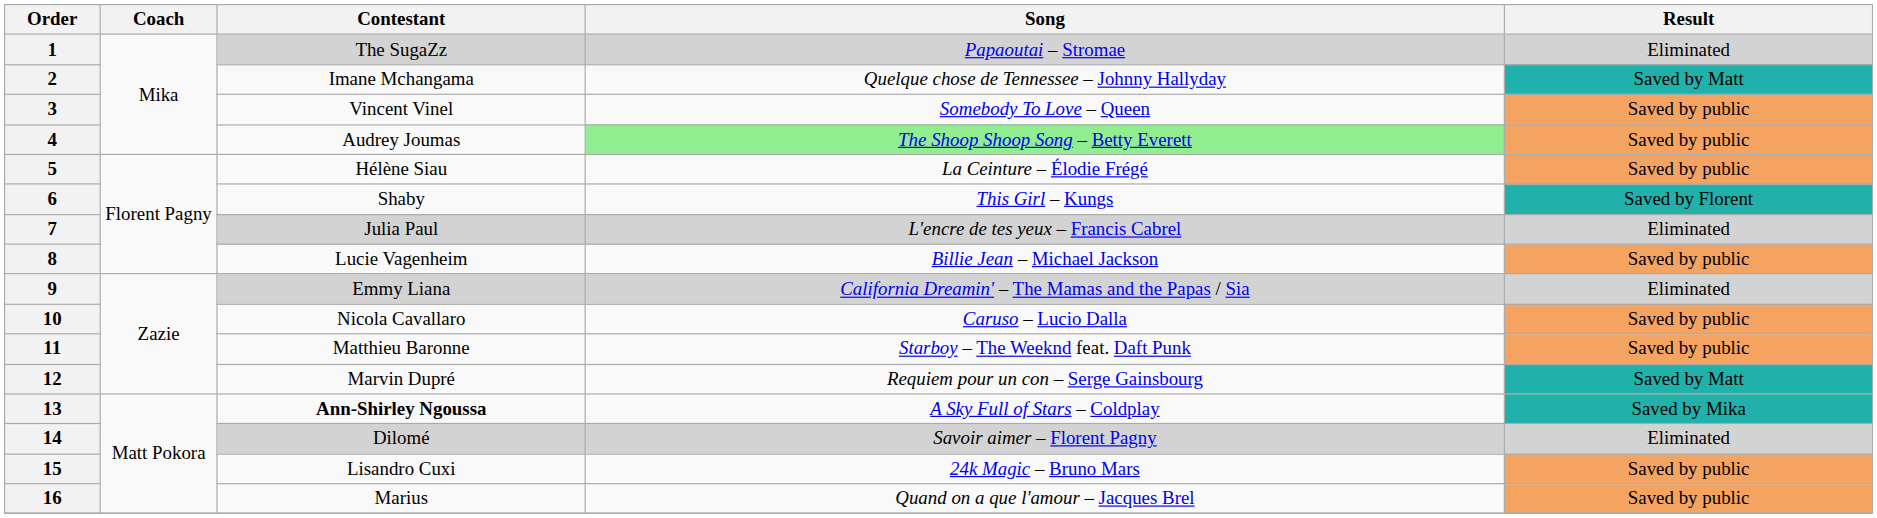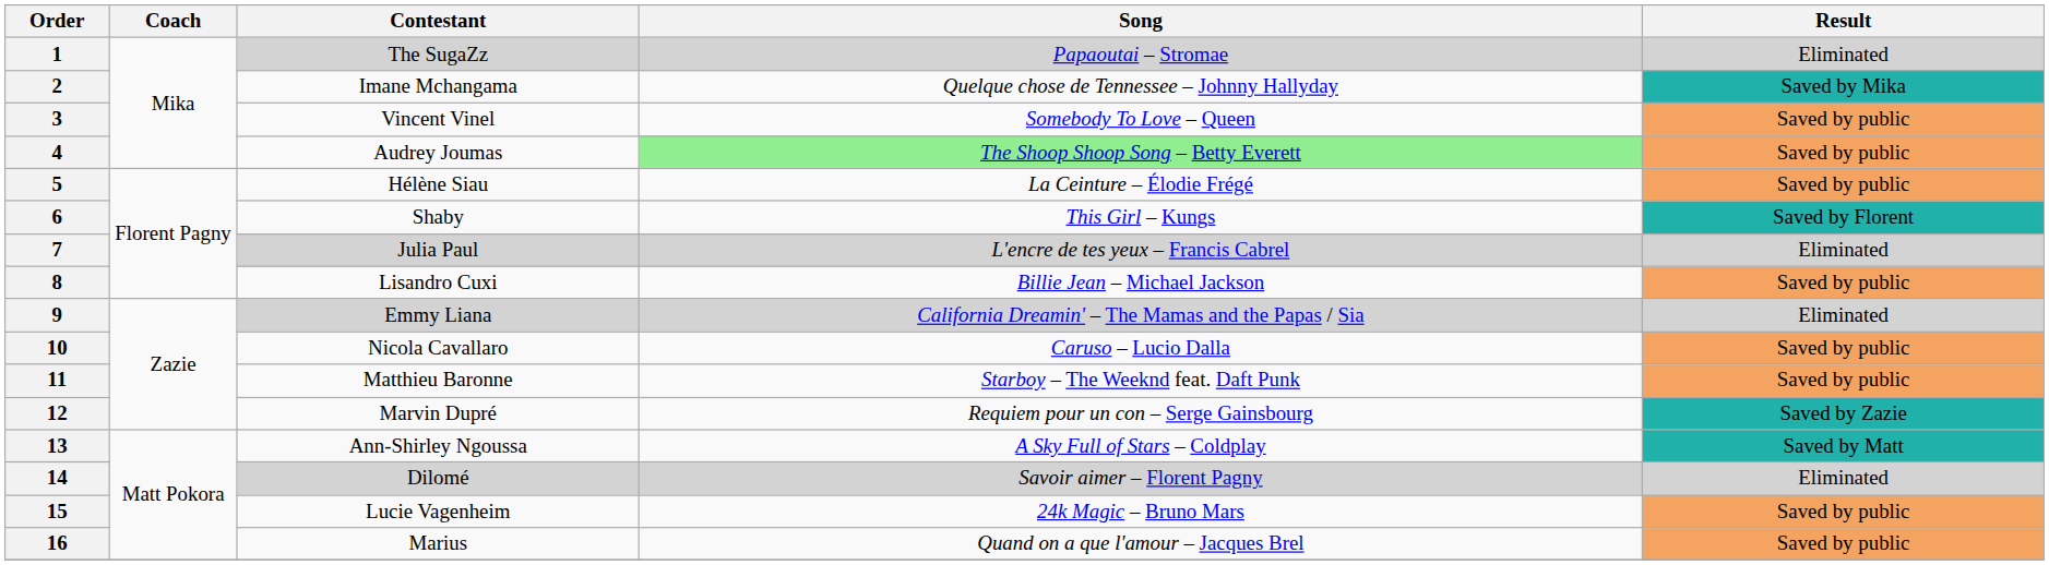 <table class="wikitable" style="text-align:center; width:100%;">
 <tr>
 <th scope="col" style="width:02%;">Order</th>
 <th scope="col" style="width:03%;">Coach</th>
 <th scope="col" style="width:10%;">Contestant</th>
 <th scope="col" style="width:25%;">Song</th>
 <th scope="col" style="width:10%;">Result</th>
 </tr>
 <tr>
 <th>1</th>
 <td rowspan="4">Mika</td>
 <td style="background:lightgrey">The SugaZz</td>
 <td style="background:lightgrey"><em><a href='#'>Papaoutai</a></em> – <a href='#'>Stromae</a></td>
 <td style="background:lightgrey">Eliminated</td>
 </tr>
 <tr>
 <th>2</th>
 <td style="background:">Imane Mchangama</td>
 <td><em>Quelque chose de Tennessee</em> – <a href='#'>Johnny Hallyday</a></td>
-<td style="background:lightseagreen">Saved by Matt</td>
+<td style="background:lightseagreen">Saved by Mika</td>
 </tr>
 <tr>
 <th>3</th>
 <td style="background:">Vincent Vinel</td>
 <td><em><a href='#'>Somebody To Love</a></em> – <a href='#'>Queen</a></td>
 <td style="background:sandybrown">Saved by public</td>
 </tr>
 <tr>
 <th>4</th>
 <td style="background:">Audrey Joumas</td>
 <td style="background: lightgreen;"><em><a href='#'>The Shoop Shoop Song</a></em> – <a href='#'>Betty Everett</a></td>
 <td style="background:sandybrown">Saved by public</td>
 </tr>
 <tr>
 <th>5</th>
 <td rowspan="4">Florent Pagny</td>
 <td style="background:">Hélène Siau</td>
 <td><em>La Ceinture</em> – <a href='#'>Élodie Frégé</a></td>
 <td style="background:sandybrown">Saved by public</td>
 </tr>
 <tr>
 <th>6</th>
 <td style="background:">Shaby</td>
 <td><em><a href='#'>This Girl</a></em> – <a href='#'>Kungs</a></td>
 <td style="background:lightseagreen">Saved by Florent</td>
 </tr>
 <tr style="background:lightgrey">
 <th>7</th>
 <td style="background:">Julia Paul</td>
 <td><em>L'encre de tes yeux</em> – <a href='#'>Francis Cabrel</a></td>
 <td style="background:">Eliminated</td>
 </tr>
 <tr>
 <th>8</th>
-<td style="background:">Lucie Vagenheim</td>
+<td style="background:">Lisandro Cuxi</td>
 <td><em><a href='#'>Billie Jean</a></em> – <a href='#'>Michael Jackson</a></td>
 <td style="background:sandybrown">Saved by public</td>
 </tr>
 <tr>
 <th>9</th>
 <td rowspan="4">Zazie</td>
 <td style="background:lightgrey">Emmy Liana</td>
 <td style="background:lightgrey"><em><a href='#'>California Dreamin'</a></em> – <a href='#'>The Mamas and the Papas</a> / <a href='#'>Sia</a></td>
 <td style="background:lightgrey">Eliminated</td>
 </tr>
 <tr>
 <th>10</th>
 <td style="background:">Nicola Cavallaro</td>
 <td><em><a href='#'>Caruso</a></em> – <a href='#'>Lucio Dalla</a></td>
 <td style="background:sandybrown">Saved by public</td>
 </tr>
 <tr>
 <th>11</th>
 <td style="background:">Matthieu Baronne</td>
 <td><em><a href='#'>Starboy</a></em> – <a href='#'>The Weeknd</a> feat. <a href='#'>Daft Punk</a></td>
 <td style="background:sandybrown">Saved by public</td>
 </tr>
 <tr>
 <th>12</th>
 <td style="background:">Marvin Dupré</td>
 <td><em>Requiem pour un con</em> – <a href='#'>Serge Gainsbourg</a></td>
-<td style="background:lightseagreen">Saved by Matt</td>
+<td style="background:lightseagreen">Saved by Zazie</td>
 </tr>
 <tr>
 <th>13</th>
 <td rowspan="4">Matt Pokora</td>
-<td style="background:"><strong>Ann-Shirley Ngoussa</strong></td>
+<td style="background:">Ann-Shirley Ngoussa</td>
 <td><em><a href='#'>A Sky Full of Stars</a></em> – <a href='#'>Coldplay</a></td>
-<td style="background:lightseagreen">Saved by Mika</td>
+<td style="background:lightseagreen">Saved by Matt</td>
 </tr>
 <tr style="background:lightgrey">
 <th>14</th>
 <td style="background:">Dilomé</td>
 <td><em>Savoir aimer</em> – <a href='#'>Florent Pagny</a></td>
 <td style="background:">Eliminated</td>
 </tr>
 <tr>
 <th>15</th>
-<td style="background:">Lisandro Cuxi</td>
+<td style="background:">Lucie Vagenheim</td>
 <td><em><a href='#'>24k Magic</a></em> – <a href='#'>Bruno Mars</a></td>
 <td style="background:sandybrown">Saved by public</td>
 </tr>
 <tr>
 <th>16</th>
 <td style="background:">Marius</td>
 <td><em>Quand on a que l'amour</em> – <a href='#'>Jacques Brel</a></td>
 <td style="background:sandybrown">Saved by public</td>
 </tr>
 <tr>
 </tr>
 </table>
